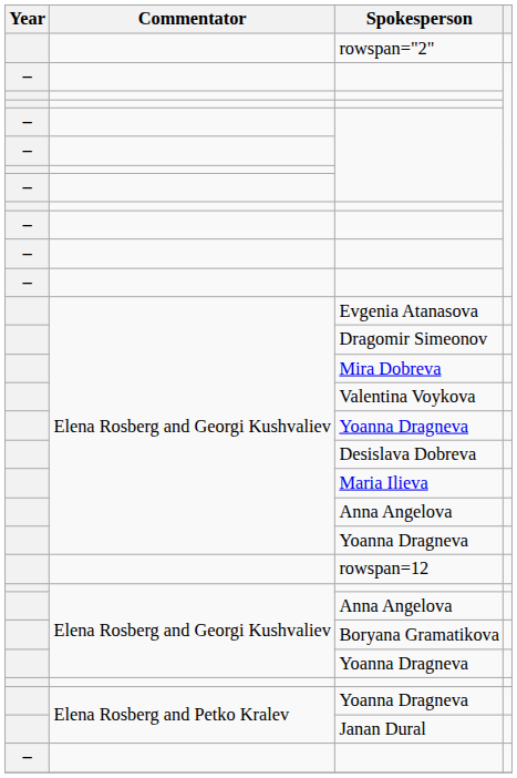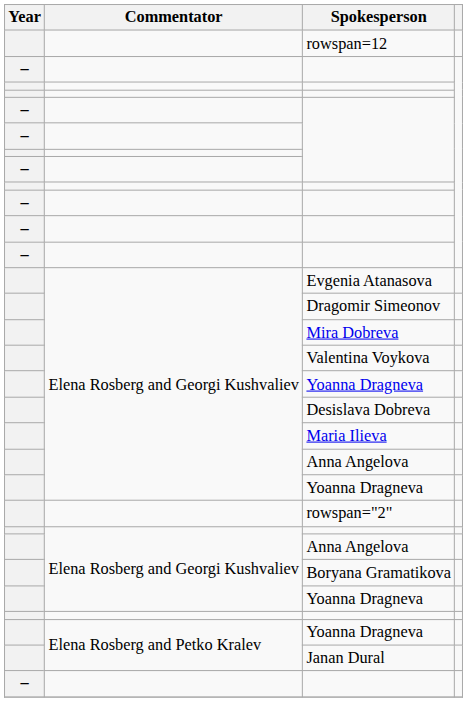 <table class="wikitable sortable plainrowheaders">
 <tr>
 <th>Year</th>
 <th>Commentator</th>
 <th>Spokesperson</th>
 <th class="unsortable"></th>
 </tr>
 <tr>
 <th scope="row"></th>
 <td></td>
-<td>rowspan="2" </td>
+<td>rowspan=12 </td>
 <td></td>
 </tr>
 <tr>
 <th scope="row"> – </th>
 <td></td>
 <td></td>
 </tr>
 <tr>
 <th scope="row"></th>
 <td></td>
 <td></td>
 </tr>
 <tr>
 <th scope="row"></th>
 <td></td>
 <td></td>
 </tr>
 <tr>
 <th scope="row"> – </th>
 <td></td>
 <td rowspan=4></td>
 </tr>
 <tr>
 <th scope="row"> – </th>
 <td></td>
 </tr>
 <tr>
 <th scope="row"></th>
 <td></td>
 </tr>
 <tr>
 <th scope="row"> – </th>
 <td></td>
 </tr>
 <tr>
 <th scope="row"></th>
 <td></td>
 <td></td>
 </tr>
 <tr>
 <th scope="row"> – </th>
 <td></td>
 <td></td>
 </tr>
 <tr>
 <th scope="row"> – </th>
 <td></td>
 <td></td>
 </tr>
 <tr>
 <th scope="row"> – </th>
 <td></td>
 <td></td>
 </tr>
 <tr>
 <th scope="row"></th>
 <td rowspan="9">Elena Rosberg and Georgi Kushvaliev</td>
 <td>Evgenia Atanasova</td>
 <td></td>
 </tr>
 <tr>
 <th scope="row"></th>
 <td>Dragomir Simeonov</td>
 <td></td>
 </tr>
 <tr>
 <th scope="row"></th>
 <td><a href='#'>Mira Dobreva</a></td>
 <td></td>
 </tr>
 <tr>
 <th scope="row"></th>
 <td>Valentina Voykova</td>
 <td></td>
 </tr>
 <tr>
 <th scope="row"></th>
 <td><a href='#'>Yoanna Dragneva</a></td>
 <td></td>
 </tr>
 <tr>
 <th scope="row"></th>
 <td>Desislava Dobreva</td>
 <td></td>
 </tr>
 <tr>
 <th scope="row"></th>
 <td><a href='#'>Maria Ilieva</a></td>
 <td></td>
 </tr>
 <tr>
 <th scope="row"></th>
 <td>Anna Angelova</td>
 <td></td>
 </tr>
 <tr>
 <th scope="row"></th>
 <td>Yoanna Dragneva</td>
 <td></td>
 </tr>
 <tr>
 <th scope="row"></th>
 <td></td>
-<td>rowspan=12 </td>
+<td>rowspan="2" </td>
 <td></td>
 </tr>
 <tr>
 <th scope="row"></th>
 <td rowspan="4">Elena Rosberg and Georgi Kushvaliev</td>
 <td></td>
 </tr>
 <tr>
 <th scope="row"></th>
 <td>Anna Angelova</td>
 <td></td>
 </tr>
 <tr>
 <th scope="row"></th>
 <td>Boryana Gramatikova</td>
 <td></td>
 </tr>
 <tr>
 <th scope="row"></th>
 <td>Yoanna Dragneva</td>
 <td></td>
 </tr>
 <tr>
 <th scope="row"></th>
 <td></td>
 <td></td>
 <td></td>
 </tr>
 <tr>
 <th scope="row"></th>
 <td rowspan="2">Elena Rosberg and Petko Kralev</td>
 <td>Yoanna Dragneva</td>
 <td></td>
 </tr>
 <tr>
 <th scope="row"></th>
 <td>Janan Dural</td>
 <td></td>
 </tr>
 <tr>
 <th scope="row"> – </th>
 <td></td>
 <td></td>
 <td></td>
 </tr>
 <tr>
 </tr>
 </table>
